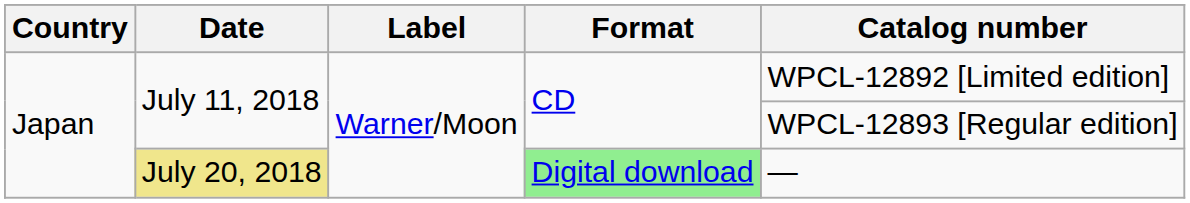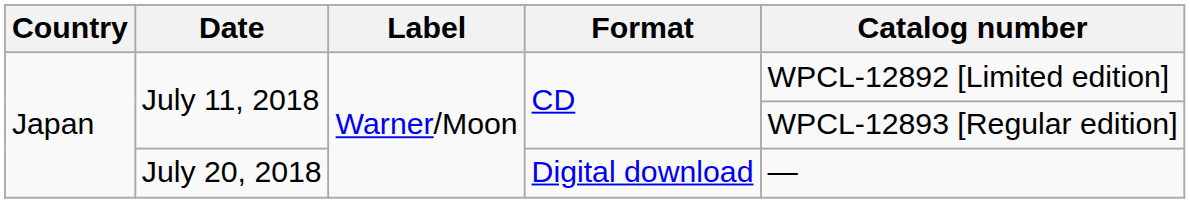 <table class="wikitable">
 <tr>
 <th>Country</th>
 <th>Date</th>
 <th>Label</th>
 <th>Format</th>
 <th>Catalog number</th>
 </tr>
 <tr>
 <td rowspan="3">Japan</td>
 <td rowspan="2">July 11, 2018</td>
 <td rowspan="3"><a href='#'>Warner</a>/Moon</td>
 <td rowspan="2"><a href='#'>CD</a></td>
 <td>WPCL-12892 [Limited edition]</td>
 </tr>
 <tr>
 <td>WPCL-12893 [Regular edition]</td>
 </tr>
 <tr>
-<td style="background: khaki;">July 20, 2018</td>
-<td style="background: lightgreen;"><a href='#'>Digital download</a></td>
+<td>July 20, 2018</td>
+<td><a href='#'>Digital download</a></td>
 <td>—</td>
 </tr>
 </table>
